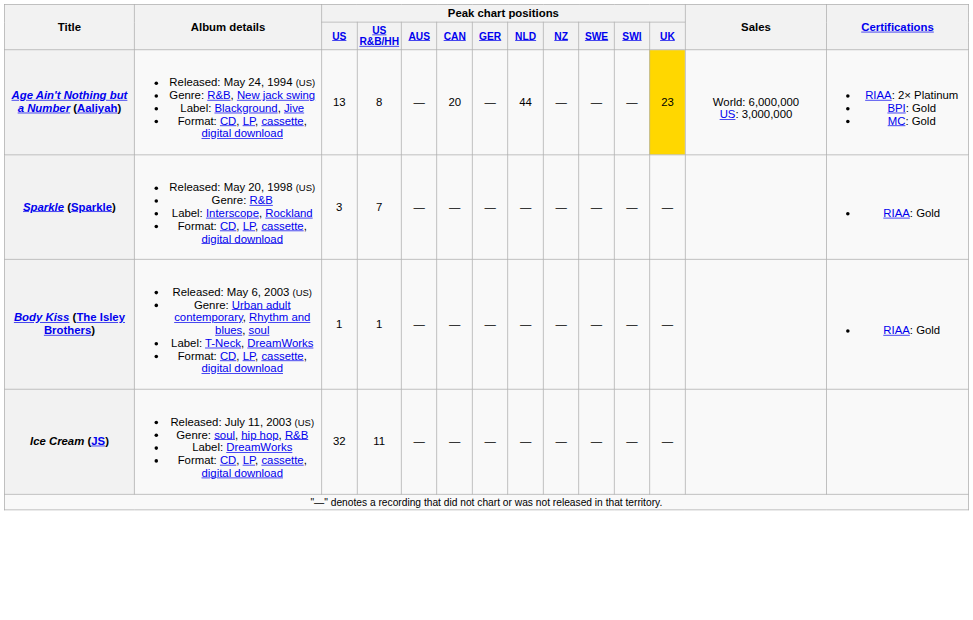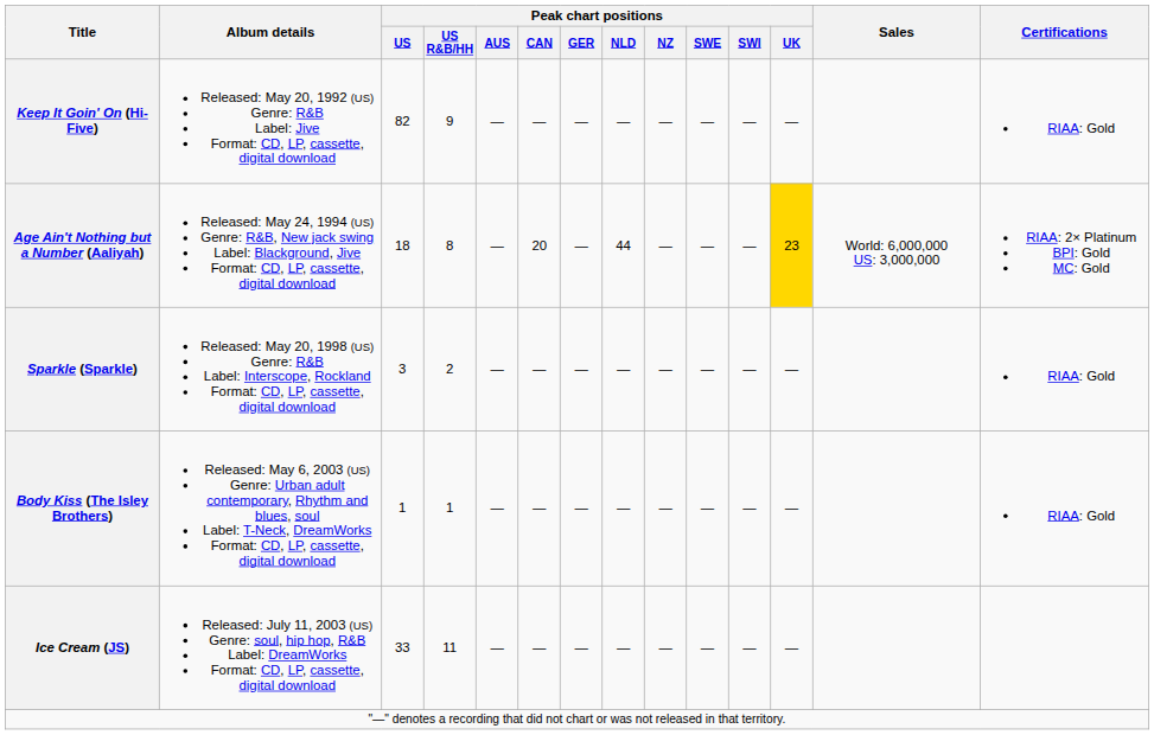 <table class="wikitable plainrowheaders" style="text-align:center;">
 <tr>
 <th scope="col" rowspan="2" style="width:11em;">Title</th>
 <th scope="col" rowspan="2" style="width:16em;">Album details</th>
 <th scope="col" colspan="10">Peak chart positions</th>
 <th scope="col" rowspan="2" style="width:12em;">Sales</th>
 <th scope="col" rowspan="2" style="width:12em;"><a href='#'>Certifications</a></th>
 </tr>
 <tr>
 <th scope="col" style="width:3em;font-size:90%;"><a href='#'>US</a><br></th>
 <th scope="col" style="width:3em;font-size:90%;"><a href='#'>US<br>R&B/HH</a><br></th>
 <th scope="col" style="width:3em;font-size:90%;"><a href='#'>AUS</a><br></th>
 <th scope="col" style="width:3em;font-size:90%;"><a href='#'>CAN</a><br></th>
 <th scope="col" style="width:3em;font-size:90%;"><a href='#'>GER</a><br></th>
 <th scope="col" style="width:3em;font-size:90%;"><a href='#'>NLD</a><br></th>
 <th scope="col" style="width:3em;font-size:90%;"><a href='#'>NZ</a><br></th>
 <th scope="col" style="width:3em;font-size:90%;"><a href='#'>SWE</a><br></th>
 <th scope="col" style="width:3em;font-size:90%;"><a href='#'>SWI</a><br></th>
 <th scope="col" style="width:3em;font-size:90%;"><a href='#'>UK</a><br></th>
 </tr>
 <tr>
+<th scope="row"><em><a href='#'>Keep It Goin' On</a></em> (<a href='#'>Hi-Five</a>)</th>
+<td><br><ul><li>Released: May 20, 1992 <small>(US)</small></li><li>Genre: <a href='#'>R&B</a></li><li>Label: <a href='#'>Jive</a></li><li>Format: <a href='#'>CD</a>, <a href='#'>LP</a>, <a href='#'>cassette</a>, <a href='#'>digital download</a></li></ul></td>
+<td>82</td>
+<td>9</td>
+<td>—</td>
+<td>—</td>
+<td>—</td>
+<td>—</td>
+<td>—</td>
+<td>—</td>
+<td>—</td>
+<td>—</td>
+<td></td>
+<td><br><ul><li><a href='#'>RIAA</a>: Gold</li></ul></td>
+</tr>
+<tr>
 <th scope="row"><em><a href='#'>Age Ain't Nothing but a Number</a></em> (<a href='#'>Aaliyah</a>)</th>
 <td><br><ul><li>Released: May 24, 1994 <small>(US)</small></li><li>Genre:  <a href='#'>R&B</a>, <a href='#'>New jack swing</a></li><li>Label: <a href='#'>Blackground</a>, <a href='#'>Jive</a></li><li>Format: <a href='#'>CD</a>, <a href='#'>LP</a>, <a href='#'>cassette</a>, <a href='#'>digital download</a></li></ul></td>
-<td>13</td>
+<td>18</td>
 <td>8</td>
 <td>—</td>
 <td>20</td>
 <td>—</td>
 <td>44</td>
 <td>—</td>
 <td>—</td>
 <td>—</td>
 <td style="background: gold;">23</td>
 <td><br>World: 6,000,000<br> <a href='#'>US</a>: 3,000,000</td>
 <td><br><ul><li><a href='#'>RIAA</a>: 2× Platinum</li><li><a href='#'>BPI</a>: Gold</li><li><a href='#'>MC</a>: Gold</li></ul></td>
 </tr>
 <tr>
 <th scope="row"><em><a href='#'>Sparkle</a></em> (<a href='#'>Sparkle</a>)</th>
 <td><br><ul><li>Released: May 20, 1998 <small>(US)</small></li><li>Genre: <a href='#'>R&B</a></li><li>Label: <a href='#'>Interscope</a>, <a href='#'>Rockland</a></li><li>Format: <a href='#'>CD</a>, <a href='#'>LP</a>, <a href='#'>cassette</a>, <a href='#'>digital download</a></li></ul></td>
 <td>3</td>
-<td>7</td>
+<td>2</td>
 <td>—</td>
 <td>—</td>
 <td>—</td>
 <td>—</td>
 <td>—</td>
 <td>—</td>
 <td>—</td>
 <td>—</td>
 <td></td>
 <td><br><ul><li><a href='#'>RIAA</a>: Gold</li></ul></td>
 </tr>
 <tr>
 <th scope="row"><em><a href='#'>Body Kiss</a></em> (<a href='#'>The Isley Brothers</a>)</th>
 <td><br><ul><li>Released: May 6, 2003 <small>(US)</small></li><li>Genre: <a href='#'>Urban adult contemporary</a>, <a href='#'>Rhythm and blues</a>, <a href='#'>soul</a></li><li>Label: <a href='#'>T-Neck</a>, <a href='#'>DreamWorks</a></li><li>Format: <a href='#'>CD</a>, <a href='#'>LP</a>, <a href='#'>cassette</a>, <a href='#'>digital download</a></li></ul></td>
 <td>1</td>
 <td>1</td>
 <td>—</td>
 <td>—</td>
 <td>—</td>
 <td>—</td>
 <td>—</td>
 <td>—</td>
 <td>—</td>
 <td>—</td>
 <td></td>
 <td><br><ul><li><a href='#'>RIAA</a>: Gold</li></ul></td>
 </tr>
 <tr>
 <th scope="row"><em>Ice Cream</em> (<a href='#'>JS</a>)</th>
 <td><br><ul><li>Released: July 11, 2003 <small>(US)</small></li><li>Genre: <a href='#'>soul</a>, <a href='#'>hip hop</a>, <a href='#'>R&B</a></li><li>Label: <a href='#'>DreamWorks</a></li><li>Format: <a href='#'>CD</a>, <a href='#'>LP</a>, <a href='#'>cassette</a>, <a href='#'>digital download</a></li></ul></td>
-<td>32</td>
+<td>33</td>
 <td>11</td>
 <td>—</td>
 <td>—</td>
 <td>—</td>
 <td>—</td>
 <td>—</td>
 <td>—</td>
 <td>—</td>
 <td>—</td>
 <td></td>
 <td></td>
 </tr>
 <tr>
 <td colspan="14" style="font-size:90%">"—" denotes a recording that did not chart or was not released in that territory.</td>
 </tr>
 </table>
